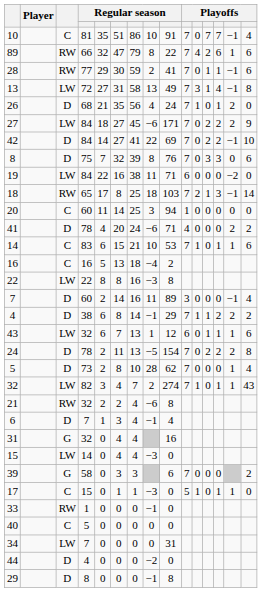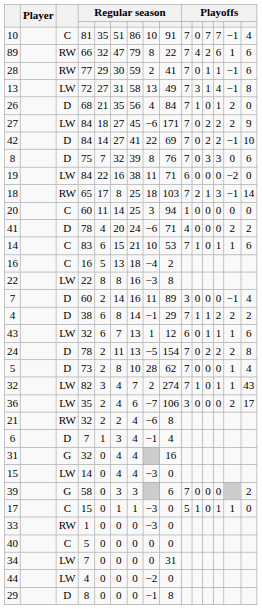 <table class="wikitable sortable plainrowheaders" style="text-align:center;">
 <tr>
 <th scope="col" data-sort-type="number" rowspan="2"></th>
 <th scope="col" rowspan="2">Player</th>
 <th scope="col" rowspan="2"></th>
 <th scope=colgroup colspan=6>Regular season</th>
 <th scope=colgroup colspan=6>Playoffs</th>
 </tr>
 <tr>
 <th scope="col" data-sort-type="number"></th>
 <th scope="col" data-sort-type="number"></th>
 <th scope="col" data-sort-type="number"></th>
 <th scope="col" data-sort-type="number"></th>
 <th scope="col" data-sort-type="number"></th>
 <th scope="col" data-sort-type="number"></th>
 <th scope="col" data-sort-type="number"></th>
 <th scope="col" data-sort-type="number"></th>
 <th scope="col" data-sort-type="number"></th>
 <th scope="col" data-sort-type="number"></th>
 <th scope="col" data-sort-type="number"></th>
 <th scope="col" data-sort-type="number"></th>
 </tr>
 <tr>
 <td scope="row">10</td>
 <td align="left"></td>
 <td>C</td>
 <td>81</td>
 <td>35</td>
 <td>51</td>
 <td>86</td>
 <td>10</td>
 <td>91</td>
 <td>7</td>
 <td>0</td>
 <td>7</td>
 <td>7</td>
 <td>−1</td>
 <td>4</td>
 </tr>
 <tr>
 <td scope="row">89</td>
 <td align="left"></td>
 <td>RW</td>
 <td>66</td>
 <td>32</td>
 <td>47</td>
 <td>79</td>
 <td>8</td>
 <td>22</td>
 <td>7</td>
 <td>4</td>
 <td>2</td>
 <td>6</td>
 <td>1</td>
 <td>6</td>
 </tr>
 <tr>
 <td scope="row">28</td>
 <td align="left"></td>
 <td>RW</td>
 <td>77</td>
 <td>29</td>
 <td>30</td>
 <td>59</td>
 <td>2</td>
 <td>41</td>
 <td>7</td>
 <td>0</td>
 <td>1</td>
 <td>1</td>
 <td>−1</td>
 <td>6</td>
 </tr>
 <tr>
 <td scope="row">13</td>
 <td align="left"></td>
 <td>LW</td>
 <td>72</td>
 <td>27</td>
 <td>31</td>
 <td>58</td>
 <td>13</td>
 <td>49</td>
 <td>7</td>
 <td>3</td>
 <td>1</td>
 <td>4</td>
 <td>−1</td>
 <td>8</td>
 </tr>
 <tr>
 <td scope="row">26</td>
 <td align="left"></td>
 <td>D</td>
 <td>68</td>
 <td>21</td>
 <td>35</td>
 <td>56</td>
 <td>4</td>
-<td>24</td>
+<td>84</td>
 <td>7</td>
 <td>1</td>
 <td>0</td>
 <td>1</td>
 <td>2</td>
 <td>0</td>
 </tr>
 <tr>
 <td scope="row">27</td>
 <td align="left"></td>
 <td>LW</td>
 <td>84</td>
 <td>18</td>
 <td>27</td>
 <td>45</td>
 <td>−6</td>
 <td>171</td>
 <td>7</td>
 <td>0</td>
 <td>2</td>
 <td>2</td>
 <td>2</td>
 <td>9</td>
 </tr>
 <tr>
 <td scope="row">42</td>
 <td align="left"></td>
 <td>D</td>
 <td>84</td>
 <td>14</td>
 <td>27</td>
 <td>41</td>
 <td>22</td>
 <td>69</td>
 <td>7</td>
 <td>0</td>
 <td>2</td>
 <td>2</td>
 <td>−1</td>
 <td>10</td>
 </tr>
 <tr>
 <td scope="row">8</td>
 <td align="left"></td>
 <td>D</td>
 <td>75</td>
 <td>7</td>
 <td>32</td>
 <td>39</td>
 <td>8</td>
 <td>76</td>
 <td>7</td>
 <td>0</td>
 <td>3</td>
 <td>3</td>
 <td>0</td>
 <td>6</td>
 </tr>
 <tr>
 <td scope="row">19</td>
 <td align="left"></td>
 <td>LW</td>
 <td>84</td>
 <td>22</td>
 <td>16</td>
 <td>38</td>
 <td>11</td>
 <td>71</td>
 <td>6</td>
 <td>0</td>
 <td>0</td>
 <td>0</td>
 <td>−2</td>
 <td>0</td>
 </tr>
 <tr>
 <td scope="row">18</td>
 <td align="left"></td>
 <td>RW</td>
 <td>65</td>
 <td>17</td>
 <td>8</td>
 <td>25</td>
 <td>18</td>
 <td>103</td>
 <td>7</td>
 <td>2</td>
 <td>1</td>
 <td>3</td>
 <td>−1</td>
 <td>14</td>
 </tr>
 <tr>
 <td scope="row">20</td>
 <td align="left"></td>
 <td>C</td>
 <td>60</td>
 <td>11</td>
 <td>14</td>
 <td>25</td>
 <td>3</td>
 <td>94</td>
 <td>1</td>
 <td>0</td>
 <td>0</td>
 <td>0</td>
 <td>0</td>
 <td>0</td>
 </tr>
 <tr>
 <td scope="row">41</td>
 <td align="left"></td>
 <td>D</td>
 <td>78</td>
 <td>4</td>
 <td>20</td>
 <td>24</td>
 <td>−6</td>
 <td>71</td>
 <td>4</td>
 <td>0</td>
 <td>0</td>
 <td>0</td>
 <td>2</td>
 <td>2</td>
 </tr>
 <tr>
 <td scope="row">14</td>
 <td align="left"></td>
 <td>C</td>
 <td>83</td>
 <td>6</td>
 <td>15</td>
 <td>21</td>
 <td>10</td>
 <td>53</td>
 <td>7</td>
 <td>1</td>
 <td>0</td>
 <td>1</td>
 <td>1</td>
 <td>6</td>
 </tr>
 <tr>
 <td scope="row">16</td>
 <td align="left"></td>
 <td>C</td>
 <td>16</td>
 <td>5</td>
 <td>13</td>
 <td>18</td>
 <td>−4</td>
 <td>2</td>
 <td></td>
 <td></td>
 <td></td>
 <td></td>
 <td></td>
 <td></td>
 </tr>
 <tr>
 <td scope="row">22</td>
 <td align="left"></td>
 <td>LW</td>
 <td>22</td>
 <td>8</td>
 <td>8</td>
 <td>16</td>
 <td>−3</td>
 <td>8</td>
 <td></td>
 <td></td>
 <td></td>
 <td></td>
 <td></td>
 <td></td>
 </tr>
 <tr>
 <td scope="row">7</td>
 <td align="left"></td>
 <td>D</td>
 <td>60</td>
 <td>2</td>
 <td>14</td>
 <td>16</td>
 <td>11</td>
 <td>89</td>
 <td>3</td>
 <td>0</td>
 <td>0</td>
 <td>0</td>
 <td>−1</td>
 <td>4</td>
 </tr>
 <tr>
 <td scope="row">4</td>
 <td align="left"></td>
 <td>D</td>
 <td>38</td>
 <td>6</td>
 <td>8</td>
 <td>14</td>
 <td>−1</td>
 <td>29</td>
 <td>7</td>
 <td>1</td>
 <td>1</td>
 <td>2</td>
 <td>2</td>
 <td>2</td>
 </tr>
 <tr>
 <td scope="row">43</td>
 <td align="left"></td>
 <td>LW</td>
 <td>32</td>
 <td>6</td>
 <td>7</td>
 <td>13</td>
 <td>1</td>
 <td>12</td>
 <td>6</td>
 <td>0</td>
 <td>1</td>
 <td>1</td>
 <td>1</td>
 <td>6</td>
 </tr>
 <tr>
 <td scope="row">24</td>
 <td align="left"></td>
 <td>D</td>
 <td>78</td>
 <td>2</td>
 <td>11</td>
 <td>13</td>
 <td>−5</td>
 <td>154</td>
 <td>7</td>
 <td>0</td>
 <td>2</td>
 <td>2</td>
 <td>2</td>
 <td>8</td>
 </tr>
 <tr>
 <td scope="row">5</td>
 <td align="left"></td>
 <td>D</td>
 <td>73</td>
 <td>2</td>
 <td>8</td>
 <td>10</td>
 <td>28</td>
 <td>62</td>
 <td>7</td>
 <td>0</td>
 <td>0</td>
 <td>0</td>
 <td>1</td>
 <td>4</td>
 </tr>
 <tr>
 <td scope="row">32</td>
 <td align="left"></td>
 <td>LW</td>
 <td>82</td>
 <td>3</td>
 <td>4</td>
 <td>7</td>
 <td>2</td>
 <td>274</td>
 <td>7</td>
 <td>1</td>
 <td>0</td>
 <td>1</td>
 <td>1</td>
 <td>43</td>
 </tr>
 <tr>
+<td scope="row">36</td>
+<td align="left"></td>
+<td>LW</td>
+<td>35</td>
+<td>2</td>
+<td>4</td>
+<td>6</td>
+<td>−7</td>
+<td>106</td>
+<td>3</td>
+<td>0</td>
+<td>0</td>
+<td>0</td>
+<td>2</td>
+<td>17</td>
+</tr>
+<tr>
 <td scope="row">21</td>
 <td align="left"></td>
 <td>RW</td>
 <td>32</td>
 <td>2</td>
 <td>2</td>
 <td>4</td>
 <td>−6</td>
 <td>8</td>
 <td></td>
 <td></td>
 <td></td>
 <td></td>
 <td></td>
 <td></td>
 </tr>
 <tr>
 <td scope="row">6</td>
 <td align="left"></td>
 <td>D</td>
 <td>7</td>
 <td>1</td>
 <td>3</td>
 <td>4</td>
 <td>−1</td>
 <td>4</td>
 <td></td>
 <td></td>
 <td></td>
 <td></td>
 <td></td>
 <td></td>
 </tr>
 <tr>
 <td scope="row">31</td>
 <td align="left"></td>
 <td>G</td>
 <td>32</td>
 <td>0</td>
 <td>4</td>
 <td>4</td>
 <td style="background:#ccc"></td>
 <td>16</td>
 <td></td>
 <td></td>
 <td></td>
 <td></td>
 <td></td>
 <td></td>
 </tr>
 <tr>
 <td scope="row">15</td>
 <td align="left"></td>
 <td>LW</td>
 <td>14</td>
 <td>0</td>
 <td>4</td>
 <td>4</td>
 <td>−3</td>
 <td>0</td>
 <td></td>
 <td></td>
 <td></td>
 <td></td>
 <td></td>
 <td></td>
 </tr>
 <tr>
 <td scope="row">39</td>
 <td align="left"></td>
 <td>G</td>
 <td>58</td>
 <td>0</td>
 <td>3</td>
 <td>3</td>
 <td style="background:#ccc"></td>
 <td>6</td>
 <td>7</td>
 <td>0</td>
 <td>0</td>
 <td>0</td>
 <td style="background:#ccc"></td>
 <td>2</td>
 </tr>
 <tr>
 <td scope="row">17</td>
 <td align="left"></td>
 <td>C</td>
 <td>15</td>
 <td>0</td>
 <td>1</td>
 <td>1</td>
 <td>−3</td>
 <td>0</td>
 <td>5</td>
 <td>1</td>
 <td>0</td>
 <td>1</td>
 <td>1</td>
 <td>0</td>
 </tr>
 <tr>
 <td scope="row">33</td>
 <td align="left"></td>
 <td>RW</td>
 <td>1</td>
 <td>0</td>
 <td>0</td>
 <td>0</td>
-<td>−1</td>
+<td>−3</td>
 <td>0</td>
 <td></td>
 <td></td>
 <td></td>
 <td></td>
 <td></td>
 <td></td>
 </tr>
 <tr>
 <td scope="row">40</td>
 <td align="left"></td>
 <td>C</td>
 <td>5</td>
 <td>0</td>
 <td>0</td>
 <td>0</td>
 <td>0</td>
 <td>0</td>
 <td></td>
 <td></td>
 <td></td>
 <td></td>
 <td></td>
 <td></td>
 </tr>
 <tr>
 <td scope="row">34</td>
 <td align="left"></td>
 <td>LW</td>
 <td>7</td>
 <td>0</td>
 <td>0</td>
 <td>0</td>
 <td>0</td>
 <td>31</td>
 <td></td>
 <td></td>
 <td></td>
 <td></td>
 <td></td>
 <td></td>
 </tr>
 <tr>
 <td scope="row">44</td>
 <td align="left"></td>
-<td>D</td>
+<td>LW</td>
 <td>4</td>
 <td>0</td>
 <td>0</td>
 <td>0</td>
 <td>−2</td>
 <td>0</td>
 <td></td>
 <td></td>
 <td></td>
 <td></td>
 <td></td>
 <td></td>
 </tr>
 <tr>
 <td scope="row">29</td>
 <td align="left"></td>
 <td>D</td>
 <td>8</td>
 <td>0</td>
 <td>0</td>
 <td>0</td>
 <td>−1</td>
 <td>8</td>
 <td></td>
 <td></td>
 <td></td>
 <td></td>
 <td></td>
 <td></td>
 </tr>
 </table>
